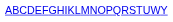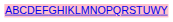 <table id="toc" class="toc" summary="Class">
 <tr>
 <th></th>
 </tr>
 <tr>
-<td style="text-align:center;"><a href='#'>A</a><a href='#'>B</a><a href='#'>C</a><a href='#'>D</a><a href='#'>E</a><a href='#'>F</a><a href='#'>G</a><a href='#'>H</a><a href='#'>I</a><a href='#'>K</a><a href='#'>L</a><a href='#'>M</a><a href='#'>N</a><a href='#'>O</a><a href='#'>P</a><a href='#'>Q</a><a href='#'>R</a><a href='#'>S</a><a href='#'>T</a><a href='#'>U</a><a href='#'>W</a><a href='#'>Y</a></td>
+<td style="background: pink; text-align:center;"><a href='#'>A</a><a href='#'>B</a><a href='#'>C</a><a href='#'>D</a><a href='#'>E</a><a href='#'>F</a><a href='#'>G</a><a href='#'>H</a><a href='#'>I</a><a href='#'>K</a><a href='#'>L</a><a href='#'>M</a><a href='#'>N</a><a href='#'>O</a><a href='#'>P</a><a href='#'>Q</a><a href='#'>R</a><a href='#'>S</a><a href='#'>T</a><a href='#'>U</a><a href='#'>W</a><a href='#'>Y</a></td>
 </tr>
 </table>
